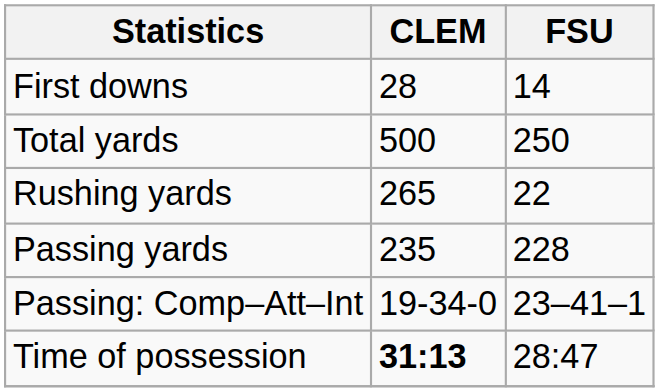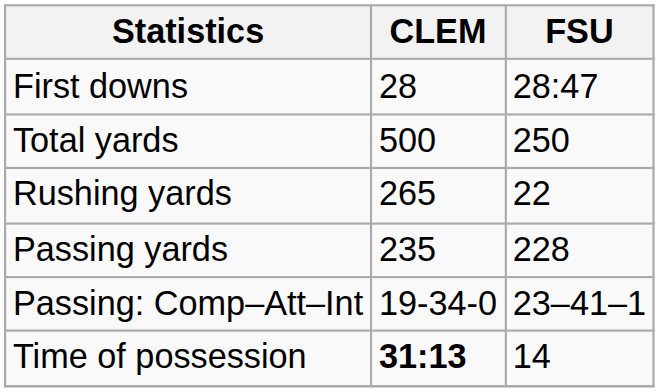 <table class="wikitable" style="float: left;">
 <tr>
 <th>Statistics</th>
 <th>CLEM</th>
 <th>FSU</th>
 </tr>
 <tr>
 <td>First downs</td>
 <td>28</td>
-<td>14</td>
+<td>28:47</td>
 </tr>
 <tr>
 <td>Total yards</td>
 <td>500</td>
 <td>250</td>
 </tr>
 <tr>
 <td>Rushing yards</td>
 <td>265</td>
 <td>22</td>
 </tr>
 <tr>
 <td>Passing yards</td>
 <td>235</td>
 <td>228</td>
 </tr>
 <tr>
 <td>Passing: Comp–Att–Int</td>
 <td>19-34-0</td>
 <td>23–41–1</td>
 </tr>
 <tr>
 <td>Time of possession</td>
 <td><strong>31:13</strong></td>
-<td>28:47</td>
+<td>14</td>
 </tr>
 <tr>
 </tr>
 </table>
